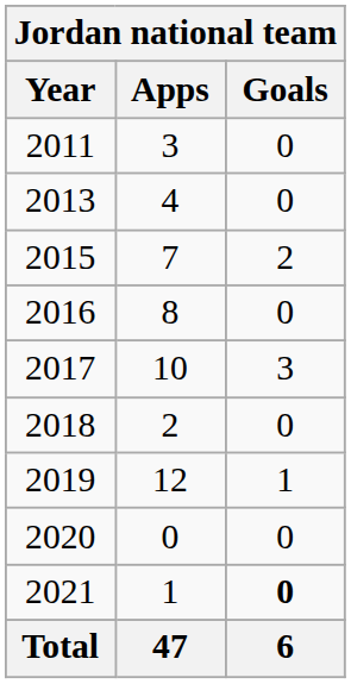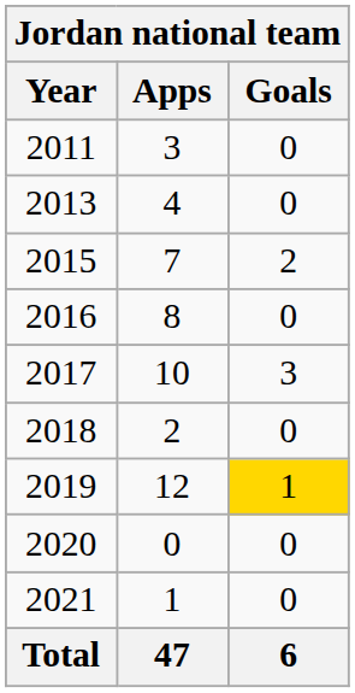 <table class="wikitable" style="text-align:center">
 <tr>
 <th colspan=3>Jordan national team</th>
 </tr>
 <tr>
 <th>Year</th>
 <th>Apps</th>
 <th>Goals</th>
 </tr>
 <tr>
 <td>2011</td>
 <td>3</td>
 <td>0</td>
 </tr>
 <tr>
 <td>2013</td>
 <td>4</td>
 <td>0</td>
 </tr>
 <tr>
 <td>2015</td>
 <td>7</td>
 <td>2</td>
 </tr>
 <tr>
 <td>2016</td>
 <td>8</td>
 <td>0</td>
 </tr>
 <tr>
 <td>2017</td>
 <td>10</td>
 <td>3</td>
 </tr>
 <tr>
 <td>2018</td>
 <td>2</td>
 <td>0</td>
 </tr>
 <tr>
 <td>2019</td>
 <td>12</td>
-<td>1</td>
+<td style="background: gold;">1</td>
 </tr>
 <tr>
 <td>2020</td>
 <td>0</td>
 <td>0</td>
 </tr>
 <tr>
 <td>2021</td>
 <td>1</td>
-<td><strong>0</strong></td>
+<td>0</td>
 </tr>
 <tr>
 <th>Total</th>
 <th>47</th>
 <th>6</th>
 </tr>
 </table>
